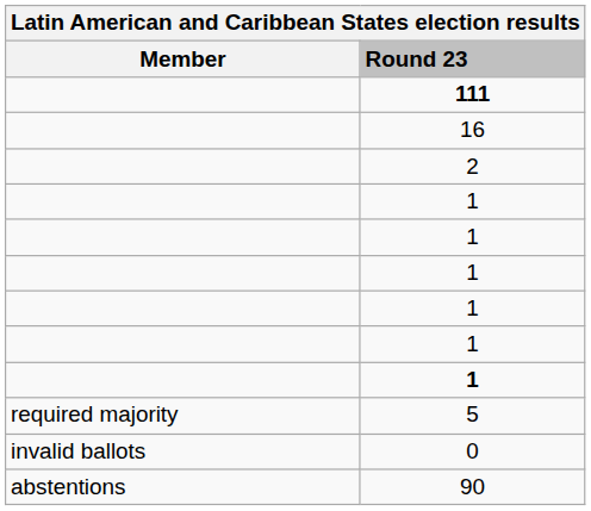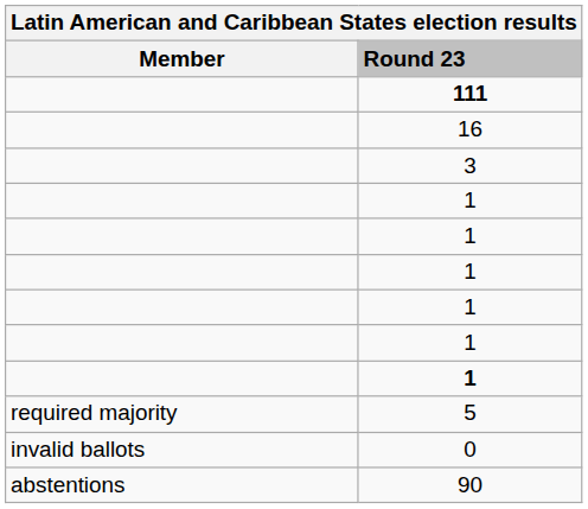 <table class="wikitable collapsible">
 <tr>
 <th colspan="2">Latin American and Caribbean States election results</th>
 </tr>
 <tr>
 <th>Member</th>
 <td style="background:silver;"><strong>Round 23</strong></td>
 </tr>
 <tr>
 <td></td>
 <td style="text-align:center;"><strong>111</strong></td>
 </tr>
 <tr>
 <td></td>
 <td style="text-align:center;">16</td>
 </tr>
 <tr>
 <td></td>
-<td style="text-align:center;">2</td>
+<td style="text-align:center;">3</td>
 </tr>
 <tr>
 <td></td>
 <td style="text-align:center;">1</td>
 </tr>
 <tr>
 <td></td>
 <td style="text-align:center;">1</td>
 </tr>
 <tr>
 <td></td>
 <td style="text-align:center;">1</td>
 </tr>
 <tr>
 <td></td>
 <td style="text-align:center;">1</td>
 </tr>
 <tr>
 <td></td>
 <td style="text-align:center;">1</td>
 </tr>
 <tr>
 <td></td>
 <td style="text-align:center;"><strong>1</strong></td>
 </tr>
 <tr>
 <td>required majority</td>
 <td style="text-align:center;">5</td>
 </tr>
 <tr>
 <td>invalid ballots</td>
 <td style="text-align:center;">0</td>
 </tr>
 <tr>
 <td>abstentions</td>
 <td style="text-align:center;">90</td>
 </tr>
 </table>
